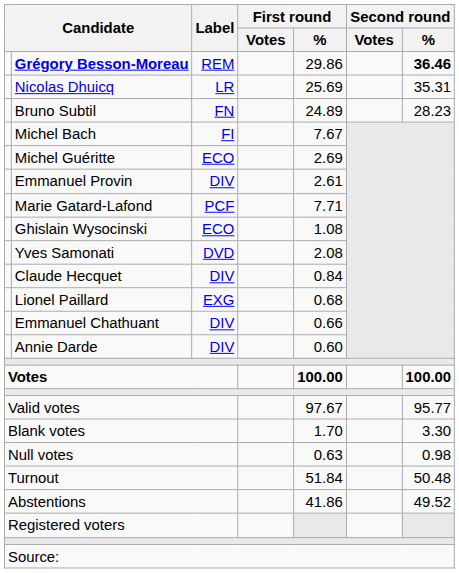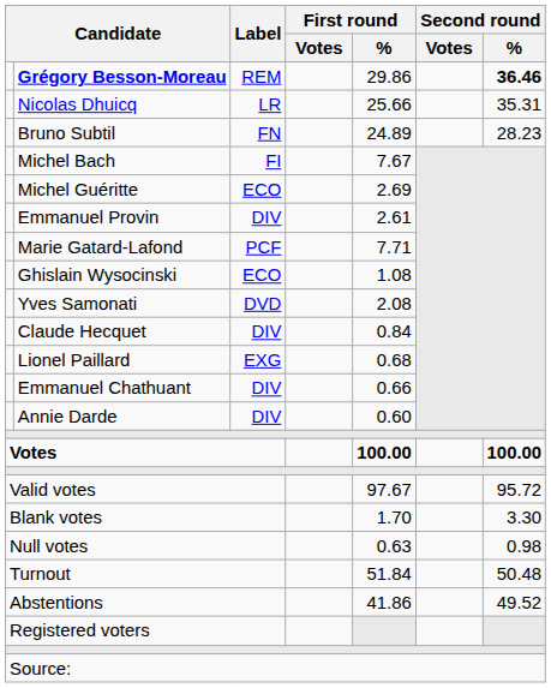 <table class="wikitable" style="text-align:right;font-size:95%;">
 <tr>
 <th colspan="2" rowspan="2">Candidate</th>
 <th rowspan="2">Label</th>
 <th colspan="2">First round</th>
 <th colspan="2">Second round</th>
 </tr>
 <tr>
 <th style="width:50px;">Votes</th>
 <th style="width:45px;">%</th>
 <th style="width:50px;">Votes</th>
 <th style="width:45px;">%</th>
 </tr>
 <tr>
 <td style="color:inherit;background:"></td>
 <td style="text-align:left;"><strong><a href='#'>Grégory Besson-Moreau</a></strong></td>
 <td><a href='#'>REM</a></td>
 <td></td>
 <td>29.86</td>
 <td><strong></strong></td>
 <td><strong>36.46</strong></td>
 </tr>
 <tr>
 <td style="color:inherit;background:"></td>
 <td style="text-align:left;"><a href='#'>Nicolas Dhuicq</a></td>
 <td><a href='#'>LR</a></td>
 <td></td>
-<td>25.69</td>
+<td>25.66</td>
 <td></td>
 <td>35.31</td>
 </tr>
 <tr>
 <td style="color:inherit;background:"></td>
 <td style="text-align:left;">Bruno Subtil</td>
 <td><a href='#'>FN</a></td>
 <td></td>
 <td>24.89</td>
 <td></td>
 <td>28.23</td>
 </tr>
 <tr>
 <td style="color:inherit;background:"></td>
 <td style="text-align:left;">Michel Bach</td>
 <td><a href='#'>FI</a></td>
 <td></td>
 <td>7.67</td>
 <td colspan="2" rowspan="10" style="background:#E9E9E9;"></td>
 </tr>
 <tr>
 <td style="color:inherit;background:"></td>
 <td style="text-align:left;">Michel Guéritte</td>
 <td><a href='#'>ECO</a></td>
 <td></td>
 <td>2.69</td>
 </tr>
 <tr>
 <td style="color:inherit;background:"></td>
 <td style="text-align:left;">Emmanuel Provin</td>
 <td><a href='#'>DIV</a></td>
 <td></td>
 <td>2.61</td>
 </tr>
 <tr>
 <td style="color:inherit;background:"></td>
 <td style="text-align:left;">Marie Gatard-Lafond</td>
 <td><a href='#'>PCF</a></td>
 <td></td>
 <td>7.71</td>
 </tr>
 <tr>
 <td style="color:inherit;background:"></td>
 <td style="text-align:left;">Ghislain Wysocinski</td>
 <td><a href='#'>ECO</a></td>
 <td></td>
 <td>1.08</td>
 </tr>
 <tr>
 <td style="color:inherit;background:"></td>
 <td style="text-align:left;">Yves Samonati</td>
 <td><a href='#'>DVD</a></td>
 <td></td>
 <td>2.08</td>
 </tr>
 <tr>
 <td style="color:inherit;background:"></td>
 <td style="text-align:left;">Claude Hecquet</td>
 <td><a href='#'>DIV</a></td>
 <td></td>
 <td>0.84</td>
 </tr>
 <tr>
 <td style="color:inherit;background:"></td>
 <td style="text-align:left;">Lionel Paillard</td>
 <td><a href='#'>EXG</a></td>
 <td></td>
 <td>0.68</td>
 </tr>
 <tr>
 <td style="color:inherit;background:"></td>
 <td style="text-align:left;">Emmanuel Chathuant</td>
 <td><a href='#'>DIV</a></td>
 <td></td>
 <td>0.66</td>
 </tr>
 <tr>
 <td style="color:inherit;background:"></td>
 <td style="text-align:left;">Annie Darde</td>
 <td><a href='#'>DIV</a></td>
 <td></td>
 <td>0.60</td>
 </tr>
 <tr>
 <td colspan="7" style="background:#E9E9E9;"></td>
 </tr>
 <tr style="font-weight:bold;">
 <td colspan="3" style="text-align:left;">Votes</td>
 <td></td>
 <td>100.00</td>
 <td></td>
 <td>100.00</td>
 </tr>
 <tr>
 <td colspan="7" style="background:#E9E9E9;"></td>
 </tr>
 <tr>
 <td colspan="3" style="text-align:left;">Valid votes</td>
 <td></td>
 <td>97.67</td>
 <td></td>
-<td>95.77</td>
+<td>95.72</td>
 </tr>
 <tr>
 <td colspan="3" style="text-align:left;">Blank votes</td>
 <td></td>
 <td>1.70</td>
 <td></td>
 <td>3.30</td>
 </tr>
 <tr>
 <td colspan="3" style="text-align:left;">Null votes</td>
 <td></td>
 <td>0.63</td>
 <td></td>
 <td>0.98</td>
 </tr>
 <tr>
 <td colspan="3" style="text-align:left;">Turnout</td>
 <td></td>
 <td>51.84</td>
 <td></td>
 <td>50.48</td>
 </tr>
 <tr>
 <td colspan="3" style="text-align:left;">Abstentions</td>
 <td></td>
 <td>41.86</td>
 <td></td>
 <td>49.52</td>
 </tr>
 <tr>
 <td colspan="3" style="text-align:left;">Registered voters</td>
 <td></td>
 <td style="background:#E9E9E9;"></td>
 <td></td>
 <td style="background:#E9E9E9;"></td>
 </tr>
 <tr>
 <td colspan="7" style="background:#E9E9E9;"></td>
 </tr>
 <tr>
 <td colspan="7" style="text-align:left;">Source: </td>
 </tr>
 </table>
